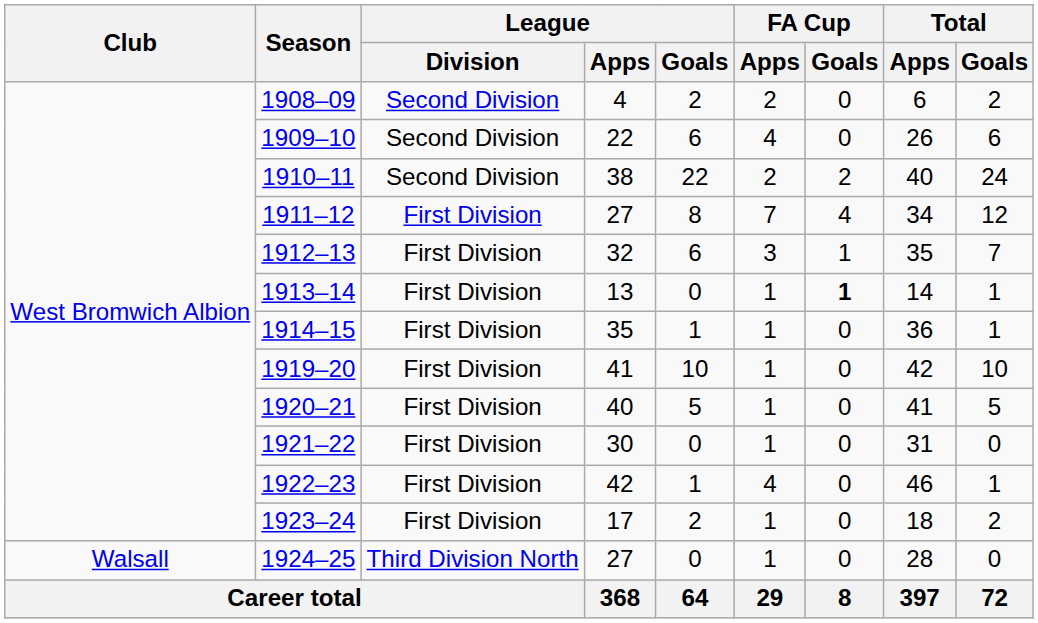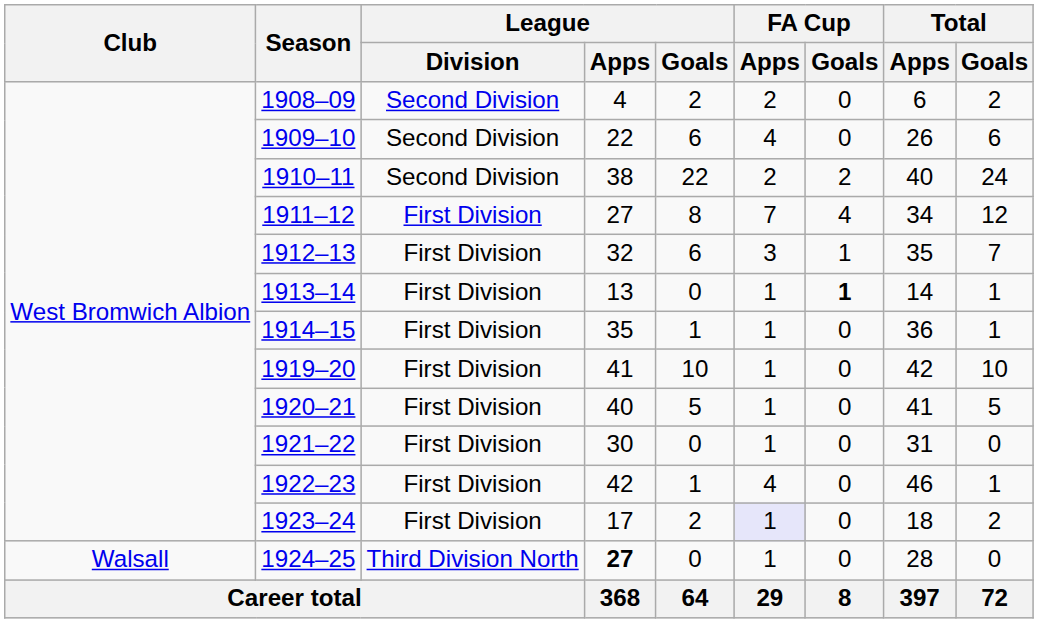 <table class="wikitable" style="text-align: center;">
 <tr>
 <th rowspan=2>Club</th>
 <th rowspan=2>Season</th>
 <th colspan=3>League</th>
 <th colspan=2>FA Cup</th>
 <th colspan=2>Total</th>
 </tr>
 <tr>
 <th>Division</th>
 <th>Apps</th>
 <th>Goals</th>
 <th>Apps</th>
 <th>Goals</th>
 <th>Apps</th>
 <th>Goals</th>
 </tr>
 <tr>
 <td rowspan=12><a href='#'>West Bromwich Albion</a></td>
 <td><a href='#'>1908–09</a></td>
 <td><a href='#'>Second Division</a></td>
 <td>4</td>
 <td>2</td>
 <td>2</td>
 <td>0</td>
 <td>6</td>
 <td>2</td>
 </tr>
 <tr>
 <td><a href='#'>1909–10</a></td>
 <td>Second Division</td>
 <td>22</td>
 <td>6</td>
 <td>4</td>
 <td>0</td>
 <td>26</td>
 <td>6</td>
 </tr>
 <tr>
 <td><a href='#'>1910–11</a></td>
 <td>Second Division</td>
 <td>38</td>
 <td>22</td>
 <td>2</td>
 <td>2</td>
 <td>40</td>
 <td>24</td>
 </tr>
 <tr>
 <td><a href='#'>1911–12</a></td>
 <td><a href='#'>First Division</a></td>
 <td>27</td>
 <td>8</td>
 <td>7</td>
 <td>4</td>
 <td>34</td>
 <td>12</td>
 </tr>
 <tr>
 <td><a href='#'>1912–13</a></td>
 <td>First Division</td>
 <td>32</td>
 <td>6</td>
 <td>3</td>
 <td>1</td>
 <td>35</td>
 <td>7</td>
 </tr>
 <tr>
 <td><a href='#'>1913–14</a></td>
 <td>First Division</td>
 <td>13</td>
 <td>0</td>
 <td>1</td>
 <td><strong>1</strong></td>
 <td>14</td>
 <td>1</td>
 </tr>
 <tr>
 <td><a href='#'>1914–15</a></td>
 <td>First Division</td>
 <td>35</td>
 <td>1</td>
 <td>1</td>
 <td>0</td>
 <td>36</td>
 <td>1</td>
 </tr>
 <tr>
 <td><a href='#'>1919–20</a></td>
 <td>First Division</td>
 <td>41</td>
 <td>10</td>
 <td>1</td>
 <td>0</td>
 <td>42</td>
 <td>10</td>
 </tr>
 <tr>
 <td><a href='#'>1920–21</a></td>
 <td>First Division</td>
 <td>40</td>
 <td>5</td>
 <td>1</td>
 <td>0</td>
 <td>41</td>
 <td>5</td>
 </tr>
 <tr>
 <td><a href='#'>1921–22</a></td>
 <td>First Division</td>
 <td>30</td>
 <td>0</td>
 <td>1</td>
 <td>0</td>
 <td>31</td>
 <td>0</td>
 </tr>
 <tr>
 <td><a href='#'>1922–23</a></td>
 <td>First Division</td>
 <td>42</td>
 <td>1</td>
 <td>4</td>
 <td>0</td>
 <td>46</td>
 <td>1</td>
 </tr>
 <tr>
 <td><a href='#'>1923–24</a></td>
 <td>First Division</td>
 <td>17</td>
 <td>2</td>
-<td>1</td>
+<td style="background: lavender;">1</td>
 <td>0</td>
 <td>18</td>
 <td>2</td>
 </tr>
 <tr>
 <td><a href='#'>Walsall</a></td>
 <td><a href='#'>1924–25</a></td>
 <td><a href='#'>Third Division North</a></td>
-<td>27</td>
+<td><strong>27</strong></td>
 <td>0</td>
 <td>1</td>
 <td>0</td>
 <td>28</td>
 <td>0</td>
 </tr>
 <tr>
 <th colspan=3>Career total</th>
 <th>368</th>
 <th>64</th>
 <th>29</th>
 <th>8</th>
 <th>397</th>
 <th>72</th>
 </tr>
 </table>
